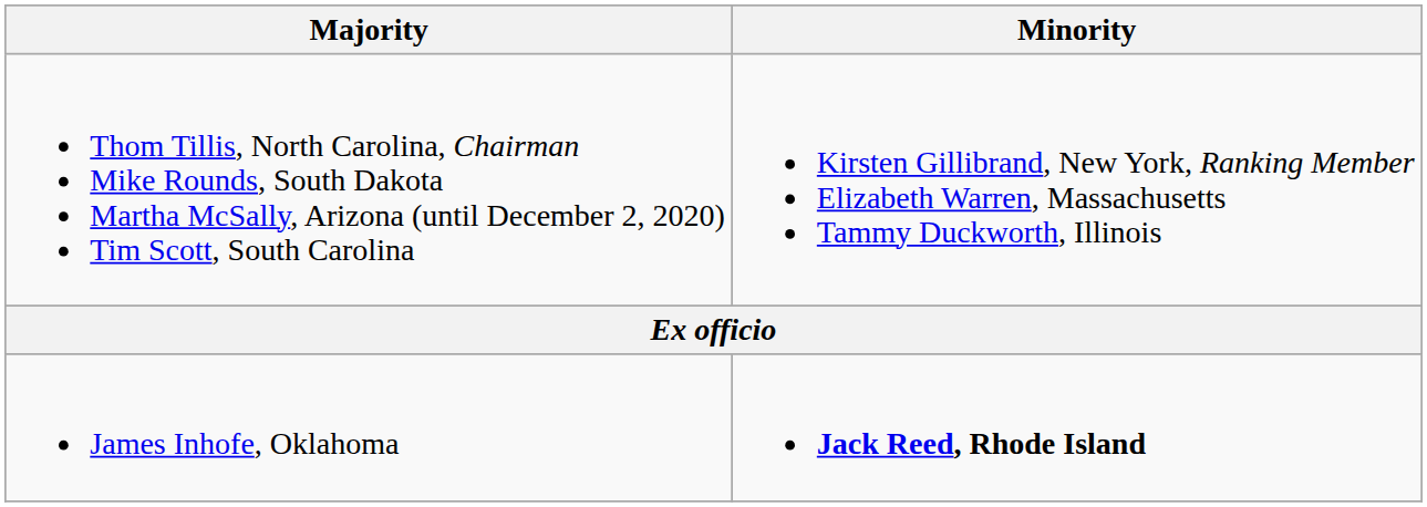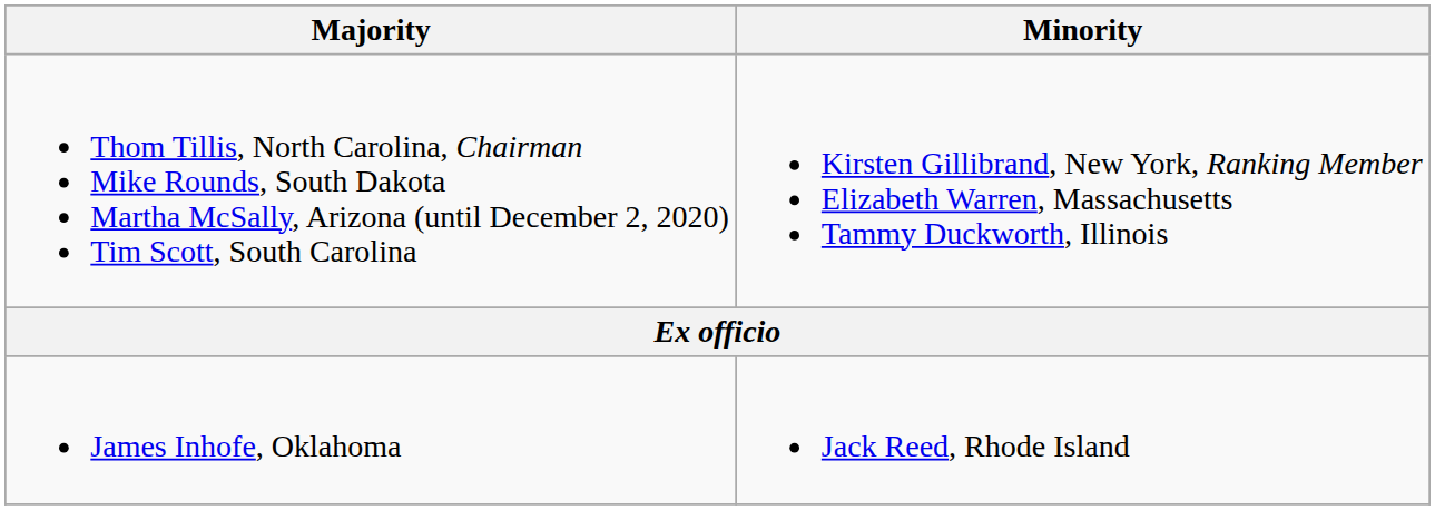 <table class=wikitable>
 <tr>
 <th>Majority</th>
 <th>Minority</th>
 </tr>
 <tr>
 <td><br><ul><li><a href='#'>Thom Tillis</a>, North Carolina, <em>Chairman</em></li><li><a href='#'>Mike Rounds</a>, South Dakota</li><li><a href='#'>Martha McSally</a>, Arizona (until December 2, 2020)</li><li><a href='#'>Tim Scott</a>, South Carolina</li></ul></td>
 <td><br><ul><li><a href='#'>Kirsten Gillibrand</a>, New York, <em>Ranking Member</em></li><li><a href='#'>Elizabeth Warren</a>, Massachusetts</li><li><a href='#'>Tammy Duckworth</a>, Illinois</li></ul></td>
 </tr>
 <tr>
 <th colspan=2><em>Ex officio</em></th>
 </tr>
 <tr>
 <td><br><ul><li><a href='#'>James Inhofe</a>, Oklahoma</li></ul></td>
-<td><strong><br><ul><li><a href='#'>Jack Reed</a>, Rhode Island</li></ul></strong></td>
+<td><br><ul><li><a href='#'>Jack Reed</a>, Rhode Island</li></ul></td>
 </tr>
 </table>
